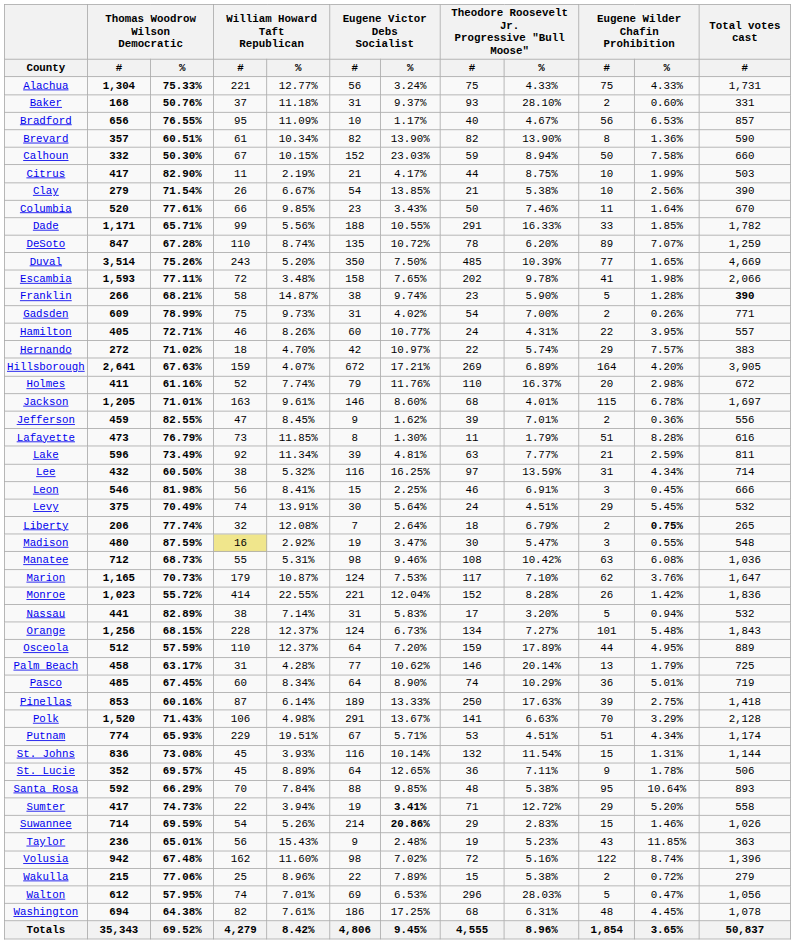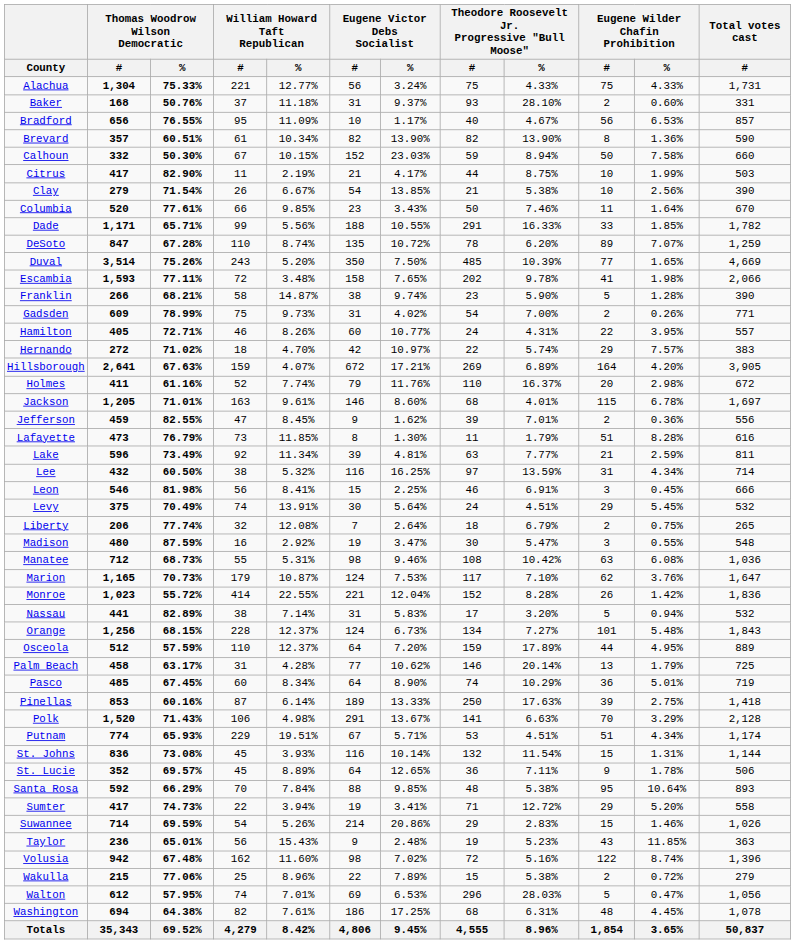 <table width="75%" class="wikitable sortable">
 <tr>
 <th></th>
 <th colspan="2">Thomas Woodrow Wilson<br>Democratic</th>
 <th colspan="2">William Howard Taft<br>Republican</th>
 <th colspan="2">Eugene Victor Debs<br>Socialist</th>
 <th colspan="2">Theodore Roosevelt Jr.<br>Progressive "Bull Moose"</th>
 <th colspan="2">Eugene Wilder Chafin<br>Prohibition</th>
 <th>Total votes cast</th>
 </tr>
 <tr bgcolor="lightgrey">
 <th>County</th>
 <th>#</th>
 <th>%</th>
 <th>#</th>
 <th>%</th>
 <th>#</th>
 <th>%</th>
 <th>#</th>
 <th>%</th>
 <th>#</th>
 <th>%</th>
 <th>#</th>
 </tr>
 <tr style="text-align:center;">
 <td><a href='#'>Alachua</a></td>
 <td><strong>1,304</strong></td>
 <td><strong>75.33%</strong></td>
 <td>221</td>
 <td>12.77%</td>
 <td>56</td>
 <td>3.24%</td>
 <td>75</td>
 <td>4.33%</td>
 <td>75</td>
 <td>4.33%</td>
 <td>1,731</td>
 </tr>
 <tr style="text-align:center;">
 <td><a href='#'>Baker</a></td>
 <td><strong>168</strong></td>
 <td><strong>50.76%</strong></td>
 <td>37</td>
 <td>11.18%</td>
 <td>31</td>
 <td>9.37%</td>
 <td>93</td>
 <td>28.10%</td>
 <td>2</td>
 <td>0.60%</td>
 <td>331</td>
 </tr>
 <tr style="text-align:center;">
 <td><a href='#'>Bradford</a></td>
 <td><strong>656</strong></td>
 <td><strong>76.55%</strong></td>
 <td>95</td>
 <td>11.09%</td>
 <td>10</td>
 <td>1.17%</td>
 <td>40</td>
 <td>4.67%</td>
 <td>56</td>
 <td>6.53%</td>
 <td>857</td>
 </tr>
 <tr style="text-align:center;">
 <td><a href='#'>Brevard</a></td>
 <td><strong>357</strong></td>
 <td><strong>60.51%</strong></td>
 <td>61</td>
 <td>10.34%</td>
 <td>82</td>
 <td>13.90%</td>
 <td>82</td>
 <td>13.90%</td>
 <td>8</td>
 <td>1.36%</td>
 <td>590</td>
 </tr>
 <tr style="text-align:center;">
 <td><a href='#'>Calhoun</a></td>
 <td><strong>332</strong></td>
 <td><strong>50.30%</strong></td>
 <td>67</td>
 <td>10.15%</td>
 <td>152</td>
 <td>23.03%</td>
 <td>59</td>
 <td>8.94%</td>
 <td>50</td>
 <td>7.58%</td>
 <td>660</td>
 </tr>
 <tr style="text-align:center;">
 <td><a href='#'>Citrus</a></td>
 <td><strong>417</strong></td>
 <td><strong>82.90%</strong></td>
 <td>11</td>
 <td>2.19%</td>
 <td>21</td>
 <td>4.17%</td>
 <td>44</td>
 <td>8.75%</td>
 <td>10</td>
 <td>1.99%</td>
 <td>503</td>
 </tr>
 <tr style="text-align:center;">
 <td><a href='#'>Clay</a></td>
 <td><strong>279</strong></td>
 <td><strong>71.54%</strong></td>
 <td>26</td>
 <td>6.67%</td>
 <td>54</td>
 <td>13.85%</td>
 <td>21</td>
 <td>5.38%</td>
 <td>10</td>
 <td>2.56%</td>
 <td>390</td>
 </tr>
 <tr style="text-align:center;">
 <td><a href='#'>Columbia</a></td>
 <td><strong>520</strong></td>
 <td><strong>77.61%</strong></td>
 <td>66</td>
 <td>9.85%</td>
 <td>23</td>
 <td>3.43%</td>
 <td>50</td>
 <td>7.46%</td>
 <td>11</td>
 <td>1.64%</td>
 <td>670</td>
 </tr>
 <tr style="text-align:center;">
 <td><a href='#'>Dade</a></td>
 <td><strong>1,171</strong></td>
 <td><strong>65.71%</strong></td>
 <td>99</td>
 <td>5.56%</td>
 <td>188</td>
 <td>10.55%</td>
 <td>291</td>
 <td>16.33%</td>
 <td>33</td>
 <td>1.85%</td>
 <td>1,782</td>
 </tr>
 <tr style="text-align:center;">
 <td><a href='#'>DeSoto</a></td>
 <td><strong>847</strong></td>
 <td><strong>67.28%</strong></td>
 <td>110</td>
 <td>8.74%</td>
 <td>135</td>
 <td>10.72%</td>
 <td>78</td>
 <td>6.20%</td>
 <td>89</td>
 <td>7.07%</td>
 <td>1,259</td>
 </tr>
 <tr style="text-align:center;">
 <td><a href='#'>Duval</a></td>
 <td><strong>3,514</strong></td>
 <td><strong>75.26%</strong></td>
 <td>243</td>
 <td>5.20%</td>
 <td>350</td>
 <td>7.50%</td>
 <td>485</td>
 <td>10.39%</td>
 <td>77</td>
 <td>1.65%</td>
 <td>4,669</td>
 </tr>
 <tr style="text-align:center;">
 <td><a href='#'>Escambia</a></td>
 <td><strong>1,593</strong></td>
 <td><strong>77.11%</strong></td>
 <td>72</td>
 <td>3.48%</td>
 <td>158</td>
 <td>7.65%</td>
 <td>202</td>
 <td>9.78%</td>
 <td>41</td>
 <td>1.98%</td>
 <td>2,066</td>
 </tr>
 <tr style="text-align:center;">
 <td><a href='#'>Franklin</a></td>
 <td><strong>266</strong></td>
 <td><strong>68.21%</strong></td>
 <td>58</td>
 <td>14.87%</td>
 <td>38</td>
 <td>9.74%</td>
 <td>23</td>
 <td>5.90%</td>
 <td>5</td>
 <td>1.28%</td>
-<td><strong>390</strong></td>
+<td>390</td>
 </tr>
 <tr style="text-align:center;">
 <td><a href='#'>Gadsden</a></td>
 <td><strong>609</strong></td>
 <td><strong>78.99%</strong></td>
 <td>75</td>
 <td>9.73%</td>
 <td>31</td>
 <td>4.02%</td>
 <td>54</td>
 <td>7.00%</td>
 <td>2</td>
 <td>0.26%</td>
 <td>771</td>
 </tr>
 <tr style="text-align:center;">
 <td><a href='#'>Hamilton</a></td>
 <td><strong>405</strong></td>
 <td><strong>72.71%</strong></td>
 <td>46</td>
 <td>8.26%</td>
 <td>60</td>
 <td>10.77%</td>
 <td>24</td>
 <td>4.31%</td>
 <td>22</td>
 <td>3.95%</td>
 <td>557</td>
 </tr>
 <tr style="text-align:center;">
 <td><a href='#'>Hernando</a></td>
 <td><strong>272</strong></td>
 <td><strong>71.02%</strong></td>
 <td>18</td>
 <td>4.70%</td>
 <td>42</td>
 <td>10.97%</td>
 <td>22</td>
 <td>5.74%</td>
 <td>29</td>
 <td>7.57%</td>
 <td>383</td>
 </tr>
 <tr style="text-align:center;">
 <td><a href='#'>Hillsborough</a></td>
 <td><strong>2,641</strong></td>
 <td><strong>67.63%</strong></td>
 <td>159</td>
 <td>4.07%</td>
 <td>672</td>
 <td>17.21%</td>
 <td>269</td>
 <td>6.89%</td>
 <td>164</td>
 <td>4.20%</td>
 <td>3,905</td>
 </tr>
 <tr style="text-align:center;">
 <td><a href='#'>Holmes</a></td>
 <td><strong>411</strong></td>
 <td><strong>61.16%</strong></td>
 <td>52</td>
 <td>7.74%</td>
 <td>79</td>
 <td>11.76%</td>
 <td>110</td>
 <td>16.37%</td>
 <td>20</td>
 <td>2.98%</td>
 <td>672</td>
 </tr>
 <tr style="text-align:center;">
 <td><a href='#'>Jackson</a></td>
 <td><strong>1,205</strong></td>
 <td><strong>71.01%</strong></td>
 <td>163</td>
 <td>9.61%</td>
 <td>146</td>
 <td>8.60%</td>
 <td>68</td>
 <td>4.01%</td>
 <td>115</td>
 <td>6.78%</td>
 <td>1,697</td>
 </tr>
 <tr style="text-align:center;">
 <td><a href='#'>Jefferson</a></td>
 <td><strong>459</strong></td>
 <td><strong>82.55%</strong></td>
 <td>47</td>
 <td>8.45%</td>
 <td>9</td>
 <td>1.62%</td>
 <td>39</td>
 <td>7.01%</td>
 <td>2</td>
 <td>0.36%</td>
 <td>556</td>
 </tr>
 <tr style="text-align:center;">
 <td><a href='#'>Lafayette</a></td>
 <td><strong>473</strong></td>
 <td><strong>76.79%</strong></td>
 <td>73</td>
 <td>11.85%</td>
 <td>8</td>
 <td>1.30%</td>
 <td>11</td>
 <td>1.79%</td>
 <td>51</td>
 <td>8.28%</td>
 <td>616</td>
 </tr>
 <tr style="text-align:center;">
 <td><a href='#'>Lake</a></td>
 <td><strong>596</strong></td>
 <td><strong>73.49%</strong></td>
 <td>92</td>
 <td>11.34%</td>
 <td>39</td>
 <td>4.81%</td>
 <td>63</td>
 <td>7.77%</td>
 <td>21</td>
 <td>2.59%</td>
 <td>811</td>
 </tr>
 <tr style="text-align:center;">
 <td><a href='#'>Lee</a></td>
 <td><strong>432</strong></td>
 <td><strong>60.50%</strong></td>
 <td>38</td>
 <td>5.32%</td>
 <td>116</td>
 <td>16.25%</td>
 <td>97</td>
 <td>13.59%</td>
 <td>31</td>
 <td>4.34%</td>
 <td>714</td>
 </tr>
 <tr style="text-align:center;">
 <td><a href='#'>Leon</a></td>
 <td><strong>546</strong></td>
 <td><strong>81.98%</strong></td>
 <td>56</td>
 <td>8.41%</td>
 <td>15</td>
 <td>2.25%</td>
 <td>46</td>
 <td>6.91%</td>
 <td>3</td>
 <td>0.45%</td>
 <td>666</td>
 </tr>
 <tr style="text-align:center;">
 <td><a href='#'>Levy</a></td>
 <td><strong>375</strong></td>
 <td><strong>70.49%</strong></td>
 <td>74</td>
 <td>13.91%</td>
 <td>30</td>
 <td>5.64%</td>
 <td>24</td>
 <td>4.51%</td>
 <td>29</td>
 <td>5.45%</td>
 <td>532</td>
 </tr>
 <tr style="text-align:center;">
 <td><a href='#'>Liberty</a></td>
 <td><strong>206</strong></td>
 <td><strong>77.74%</strong></td>
 <td>32</td>
 <td>12.08%</td>
 <td>7</td>
 <td>2.64%</td>
 <td>18</td>
 <td>6.79%</td>
 <td>2</td>
-<td><strong>0.75%</strong></td>
+<td>0.75%</td>
 <td>265</td>
 </tr>
 <tr style="text-align:center;">
 <td><a href='#'>Madison</a></td>
 <td><strong>480</strong></td>
 <td><strong>87.59%</strong></td>
-<td style="background: khaki;">16</td>
+<td>16</td>
 <td>2.92%</td>
 <td>19</td>
 <td>3.47%</td>
 <td>30</td>
 <td>5.47%</td>
 <td>3</td>
 <td>0.55%</td>
 <td>548</td>
 </tr>
 <tr style="text-align:center;">
 <td><a href='#'>Manatee</a></td>
 <td><strong>712</strong></td>
 <td><strong>68.73%</strong></td>
 <td>55</td>
 <td>5.31%</td>
 <td>98</td>
 <td>9.46%</td>
 <td>108</td>
 <td>10.42%</td>
 <td>63</td>
 <td>6.08%</td>
 <td>1,036</td>
 </tr>
 <tr style="text-align:center;">
 <td><a href='#'>Marion</a></td>
 <td><strong>1,165</strong></td>
 <td><strong>70.73%</strong></td>
 <td>179</td>
 <td>10.87%</td>
 <td>124</td>
 <td>7.53%</td>
 <td>117</td>
 <td>7.10%</td>
 <td>62</td>
 <td>3.76%</td>
 <td>1,647</td>
 </tr>
 <tr style="text-align:center;">
 <td><a href='#'>Monroe</a></td>
 <td><strong>1,023</strong></td>
 <td><strong>55.72%</strong></td>
 <td>414</td>
 <td>22.55%</td>
 <td>221</td>
 <td>12.04%</td>
 <td>152</td>
 <td>8.28%</td>
 <td>26</td>
 <td>1.42%</td>
 <td>1,836</td>
 </tr>
 <tr style="text-align:center;">
 <td><a href='#'>Nassau</a></td>
 <td><strong>441</strong></td>
 <td><strong>82.89%</strong></td>
 <td>38</td>
 <td>7.14%</td>
 <td>31</td>
 <td>5.83%</td>
 <td>17</td>
 <td>3.20%</td>
 <td>5</td>
 <td>0.94%</td>
 <td>532</td>
 </tr>
 <tr style="text-align:center;">
 <td><a href='#'>Orange</a></td>
 <td><strong>1,256</strong></td>
 <td><strong>68.15%</strong></td>
 <td>228</td>
 <td>12.37%</td>
 <td>124</td>
 <td>6.73%</td>
 <td>134</td>
 <td>7.27%</td>
 <td>101</td>
 <td>5.48%</td>
 <td>1,843</td>
 </tr>
 <tr style="text-align:center;">
 <td><a href='#'>Osceola</a></td>
 <td><strong>512</strong></td>
 <td><strong>57.59%</strong></td>
 <td>110</td>
 <td>12.37%</td>
 <td>64</td>
 <td>7.20%</td>
 <td>159</td>
 <td>17.89%</td>
 <td>44</td>
 <td>4.95%</td>
 <td>889</td>
 </tr>
 <tr style="text-align:center;">
 <td><a href='#'>Palm Beach</a></td>
 <td><strong>458</strong></td>
 <td><strong>63.17%</strong></td>
 <td>31</td>
 <td>4.28%</td>
 <td>77</td>
 <td>10.62%</td>
 <td>146</td>
 <td>20.14%</td>
 <td>13</td>
 <td>1.79%</td>
 <td>725</td>
 </tr>
 <tr style="text-align:center;">
 <td><a href='#'>Pasco</a></td>
 <td><strong>485</strong></td>
 <td><strong>67.45%</strong></td>
 <td>60</td>
 <td>8.34%</td>
 <td>64</td>
 <td>8.90%</td>
 <td>74</td>
 <td>10.29%</td>
 <td>36</td>
 <td>5.01%</td>
 <td>719</td>
 </tr>
 <tr style="text-align:center;">
 <td><a href='#'>Pinellas</a></td>
 <td><strong>853</strong></td>
 <td><strong>60.16%</strong></td>
 <td>87</td>
 <td>6.14%</td>
 <td>189</td>
 <td>13.33%</td>
 <td>250</td>
 <td>17.63%</td>
 <td>39</td>
 <td>2.75%</td>
 <td>1,418</td>
 </tr>
 <tr style="text-align:center;">
 <td><a href='#'>Polk</a></td>
 <td><strong>1,520</strong></td>
 <td><strong>71.43%</strong></td>
 <td>106</td>
 <td>4.98%</td>
 <td>291</td>
 <td>13.67%</td>
 <td>141</td>
 <td>6.63%</td>
 <td>70</td>
 <td>3.29%</td>
 <td>2,128</td>
 </tr>
 <tr style="text-align:center;">
 <td><a href='#'>Putnam</a></td>
 <td><strong>774</strong></td>
 <td><strong>65.93%</strong></td>
 <td>229</td>
 <td>19.51%</td>
 <td>67</td>
 <td>5.71%</td>
 <td>53</td>
 <td>4.51%</td>
 <td>51</td>
 <td>4.34%</td>
 <td>1,174</td>
 </tr>
 <tr style="text-align:center;">
 <td><a href='#'>St. Johns</a></td>
 <td><strong>836</strong></td>
 <td><strong>73.08%</strong></td>
 <td>45</td>
 <td>3.93%</td>
 <td>116</td>
 <td>10.14%</td>
 <td>132</td>
 <td>11.54%</td>
 <td>15</td>
 <td>1.31%</td>
 <td>1,144</td>
 </tr>
 <tr style="text-align:center;">
 <td><a href='#'>St. Lucie</a></td>
 <td><strong>352</strong></td>
 <td><strong>69.57%</strong></td>
 <td>45</td>
 <td>8.89%</td>
 <td>64</td>
 <td>12.65%</td>
 <td>36</td>
 <td>7.11%</td>
 <td>9</td>
 <td>1.78%</td>
 <td>506</td>
 </tr>
 <tr style="text-align:center;">
 <td><a href='#'>Santa Rosa</a></td>
 <td><strong>592</strong></td>
 <td><strong>66.29%</strong></td>
 <td>70</td>
 <td>7.84%</td>
 <td>88</td>
 <td>9.85%</td>
 <td>48</td>
 <td>5.38%</td>
 <td>95</td>
 <td>10.64%</td>
 <td>893</td>
 </tr>
 <tr style="text-align:center;">
 <td><a href='#'>Sumter</a></td>
 <td><strong>417</strong></td>
 <td><strong>74.73%</strong></td>
 <td>22</td>
 <td>3.94%</td>
 <td>19</td>
-<td><strong>3.41%</strong></td>
+<td>3.41%</td>
 <td>71</td>
 <td>12.72%</td>
 <td>29</td>
 <td>5.20%</td>
 <td>558</td>
 </tr>
 <tr style="text-align:center;">
 <td><a href='#'>Suwannee</a></td>
 <td><strong>714</strong></td>
 <td><strong>69.59%</strong></td>
 <td>54</td>
 <td>5.26%</td>
 <td>214</td>
-<td><strong>20.86%</strong></td>
+<td>20.86%</td>
 <td>29</td>
 <td>2.83%</td>
 <td>15</td>
 <td>1.46%</td>
 <td>1,026</td>
 </tr>
 <tr style="text-align:center;">
 <td><a href='#'>Taylor</a></td>
 <td><strong>236</strong></td>
 <td><strong>65.01%</strong></td>
 <td>56</td>
 <td>15.43%</td>
 <td>9</td>
 <td>2.48%</td>
 <td>19</td>
 <td>5.23%</td>
 <td>43</td>
 <td>11.85%</td>
 <td>363</td>
 </tr>
 <tr style="text-align:center;">
 <td><a href='#'>Volusia</a></td>
 <td><strong>942</strong></td>
 <td><strong>67.48%</strong></td>
 <td>162</td>
 <td>11.60%</td>
 <td>98</td>
 <td>7.02%</td>
 <td>72</td>
 <td>5.16%</td>
 <td>122</td>
 <td>8.74%</td>
 <td>1,396</td>
 </tr>
 <tr style="text-align:center;">
 <td><a href='#'>Wakulla</a></td>
 <td><strong>215</strong></td>
 <td><strong>77.06%</strong></td>
 <td>25</td>
 <td>8.96%</td>
 <td>22</td>
 <td>7.89%</td>
 <td>15</td>
 <td>5.38%</td>
 <td>2</td>
 <td>0.72%</td>
 <td>279</td>
 </tr>
 <tr style="text-align:center;">
 <td><a href='#'>Walton</a></td>
 <td><strong>612</strong></td>
 <td><strong>57.95%</strong></td>
 <td>74</td>
 <td>7.01%</td>
 <td>69</td>
 <td>6.53%</td>
 <td>296</td>
 <td>28.03%</td>
 <td>5</td>
 <td>0.47%</td>
 <td>1,056</td>
 </tr>
 <tr style="text-align:center;">
 <td><a href='#'>Washington</a></td>
 <td><strong>694</strong></td>
 <td><strong>64.38%</strong></td>
 <td>82</td>
 <td>7.61%</td>
 <td>186</td>
 <td>17.25%</td>
 <td>68</td>
 <td>6.31%</td>
 <td>48</td>
 <td>4.45%</td>
 <td>1,078</td>
 </tr>
 <tr style="text-align:center;">
 <th>Totals</th>
 <th>35,343</th>
 <th>69.52%</th>
 <th>4,279</th>
 <th>8.42%</th>
 <th>4,806</th>
 <th>9.45%</th>
 <th>4,555</th>
 <th>8.96%</th>
 <th>1,854</th>
 <th>3.65%</th>
 <th>50,837</th>
 </tr>
 </table>
